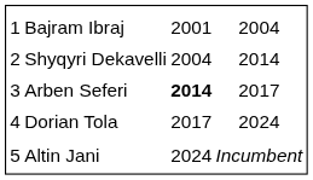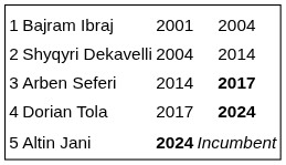 <table cellpadding="0" cellspacing="3" style="border:1px solid #000000; font-size:88%; line-height: 1.5em;">
 <tr>
 <td><strong></strong></td>
 <td><strong></strong></td>
 <td colspan="2"></td>
 </tr>
 <tr>
 <td align=center>1</td>
 <td>Bajram Ibraj</td>
 <td align=center>2001</td>
 <td align=center>2004</td>
 </tr>
 <tr>
 <td align=center>2</td>
 <td>Shyqyri Dekavelli</td>
 <td align=center>2004</td>
 <td align=center>2014</td>
 </tr>
 <tr>
 <td align=center>3</td>
 <td>Arben Seferi</td>
-<td align=center><strong>2014</strong></td>
-<td align=center>2017</td>
+<td align=center>2014</td>
+<td align=center><strong>2017</strong></td>
 </tr>
 <tr>
 <td align=center>4</td>
 <td>Dorian Tola</td>
 <td align=center>2017</td>
-<td align=center>2024</td>
+<td align=center><strong>2024</strong></td>
 </tr>
 <tr>
 <td align=center>5</td>
 <td>Altin Jani</td>
-<td align=center>2024</td>
+<td align=center><strong>2024</strong></td>
 <td><em>Incumbent</em></td>
 </tr>
 </table>
